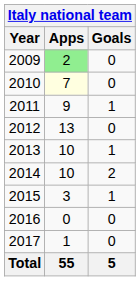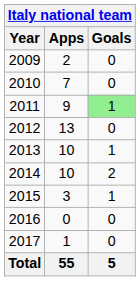 <table class="wikitable" style="text-align:center">
 <tr>
 <th colspan=4><a href='#'>Italy national team</a></th>
 </tr>
 <tr>
 <th>Year</th>
 <th>Apps</th>
 <th>Goals</th>
 </tr>
 <tr>
 <td>2009</td>
-<td style="background: lightgreen;">2</td>
+<td>2</td>
 <td>0</td>
 </tr>
 <tr>
 <td>2010</td>
-<td style="background: lightyellow;">7</td>
+<td>7</td>
 <td>0</td>
 </tr>
 <tr>
 <td>2011</td>
 <td>9</td>
-<td>1</td>
+<td style="background: lightgreen;">1</td>
 </tr>
 <tr>
 <td>2012</td>
 <td>13</td>
 <td>0</td>
 </tr>
 <tr>
 <td>2013</td>
 <td>10</td>
 <td>1</td>
 </tr>
 <tr>
 <td>2014</td>
 <td>10</td>
 <td>2</td>
 </tr>
 <tr>
 <td>2015</td>
 <td>3</td>
 <td>1</td>
 </tr>
 <tr>
 <td>2016</td>
 <td>0</td>
 <td>0</td>
 </tr>
 <tr>
 <td>2017</td>
 <td>1</td>
 <td>0</td>
 </tr>
 <tr>
 <th>Total</th>
 <th>55</th>
 <th>5</th>
 </tr>
 </table>
